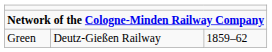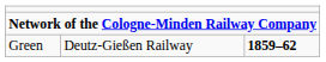 <table class="wikitable" align="right">
 <tr>
 <td colspan="3" align="center"></td>
 </tr>
 <tr>
 <td colspan="3" align="center"><strong>Network of the <a href='#'>Cologne-Minden Railway Company</a></strong></td>
 </tr>
 <tr>
 <td>Green</td>
 <td>Deutz-Gießen Railway</td>
-<td>1859–62</td>
+<td><strong>1859–62</strong></td>
 </tr>
 </table>
